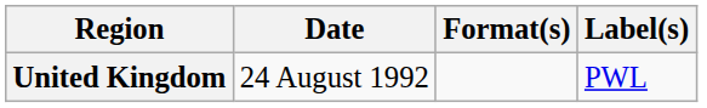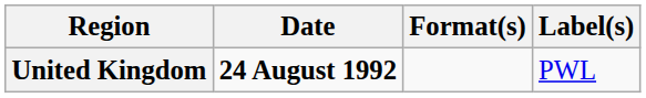 <table class="wikitable plainrowheaders">
 <tr>
 <th scope="col">Region</th>
 <th scope="col">Date</th>
 <th scope="col">Format(s)</th>
 <th scope="col">Label(s)</th>
 </tr>
 <tr>
 <th scope="row">United Kingdom</th>
-<td>24 August 1992</td>
+<td><strong>24 August 1992</strong></td>
 <td rowspan="3"></td>
 <td><a href='#'>PWL</a></td>
 </tr>
 </table>
